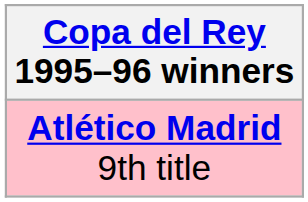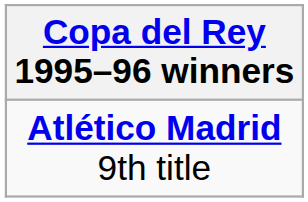 <table class="wikitable" style="text-align: center; margin: 0 auto">
 <tr>
 <th><a href='#'>Copa del Rey</a><br>1995–96 winners</th>
 </tr>
 <tr>
-<td style="background: pink;"><strong><a href='#'>Atlético Madrid</a></strong><br>9th title</td>
+<td><strong><a href='#'>Atlético Madrid</a></strong><br>9th title</td>
 </tr>
 </table>
